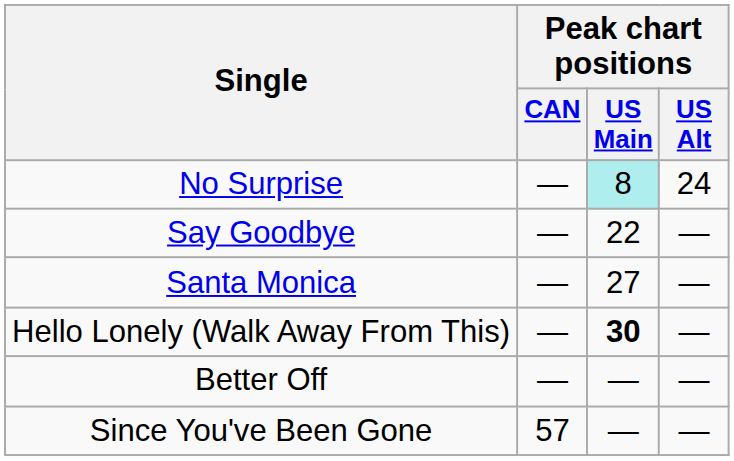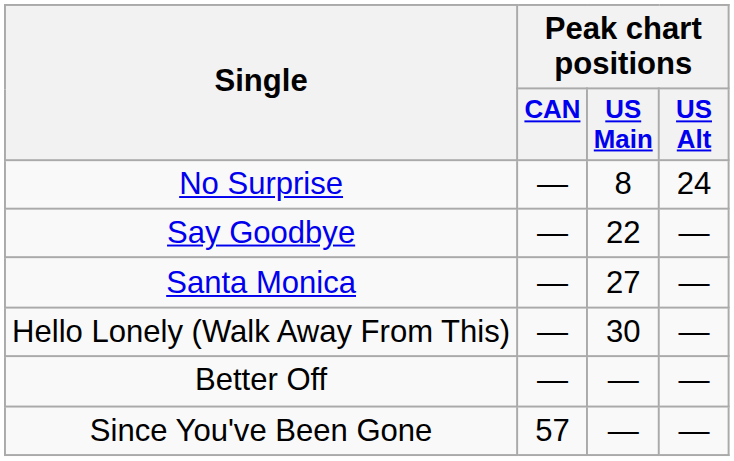 <table class="wikitable" style="text-align:center;">
 <tr>
 <th rowspan="2">Single</th>
 <th colspan="11">Peak chart positions</th>
 </tr>
 <tr style="font-size:smaller;">
 <th width="30"><a href='#'>CAN</a><br><br></th>
 <th width="30"><a href='#'>US<br>Main</a><br></th>
 <th width="30"><a href='#'>US<br>Alt</a><br></th>
 </tr>
 <tr>
 <td><a href='#'>No Surprise</a></td>
 <td>—</td>
-<td style="background: paleturquoise;">8</td>
+<td>8</td>
 <td>24</td>
 </tr>
 <tr>
 <td><a href='#'>Say Goodbye</a></td>
 <td>—</td>
 <td>22</td>
 <td>—</td>
 </tr>
 <tr>
 <td><a href='#'>Santa Monica</a></td>
 <td>—</td>
 <td>27</td>
 <td>—</td>
 </tr>
 <tr>
 <td>Hello Lonely (Walk Away From This)</td>
 <td>—</td>
-<td><strong>30</strong></td>
+<td>30</td>
 <td>—</td>
 </tr>
 <tr>
 <td>Better Off</td>
 <td>—</td>
 <td>—</td>
 <td>—</td>
 </tr>
 <tr>
 <td>Since You've Been Gone</td>
 <td>57</td>
 <td>—</td>
 <td>—</td>
 </tr>
 </table>
